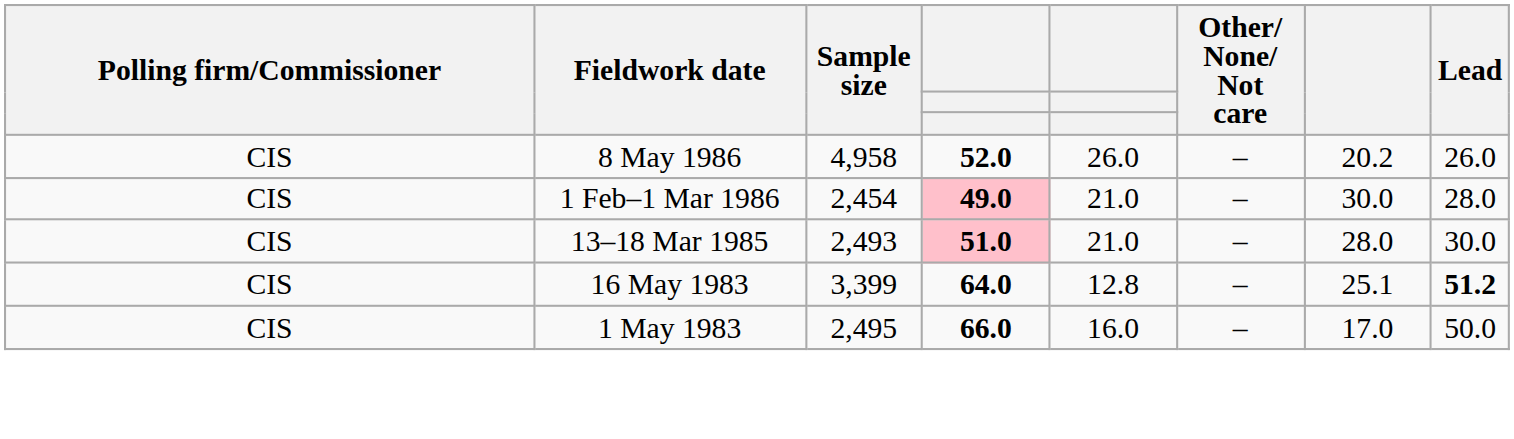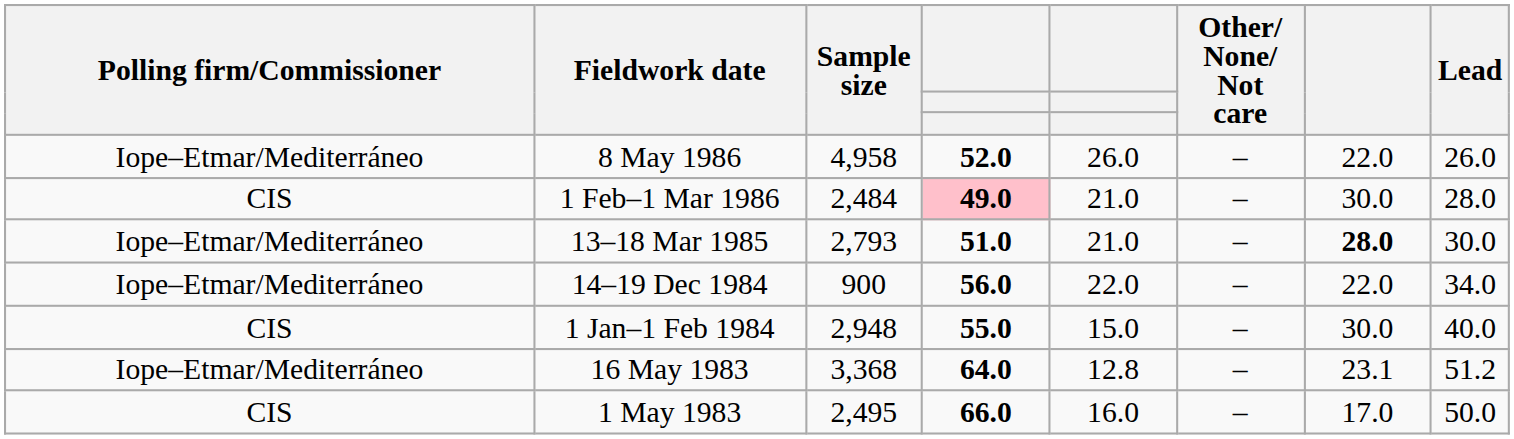 <table class="wikitable collapsible collapsed" style="text-align:center; font-size:90%; line-height:14px;">
 <tr style="height:42px;">
 <th style="width:250px;" rowspan="3">Polling firm/Commissioner</th>
 <th style="width:125px;" rowspan="3">Fieldwork date</th>
 <th style="width:50px;" rowspan="3">Sample size</th>
 <th style="width:55px;"></th>
 <th style="width:55px;"></th>
 <th style="width:55px;" rowspan="3">Other/<br>None/<br>Not<br>care</th>
 <th style="width:55px;" rowspan="3"></th>
 <th style="width:30px;" rowspan="3">Lead</th>
 </tr>
 <tr>
 <th style="color:inherit;background:"></th>
 <th style="color:inherit;background:"></th>
 </tr>
 <tr>
 <th></th>
 <th></th>
 </tr>
 <tr>
-<td>CIS</td>
+<td>Iope–Etmar/Mediterráneo</td>
 <td>8 May 1986</td>
 <td>4,958</td>
 <td><strong>52.0</strong></td>
 <td>26.0</td>
 <td>–</td>
-<td>20.2</td>
+<td>22.0</td>
 <td style="background:">26.0</td>
 </tr>
 <tr>
 <td>CIS</td>
 <td>1 Feb–1 Mar 1986</td>
-<td>2,454</td>
+<td>2,484</td>
 <td style="background: pink;"><strong>49.0</strong></td>
 <td>21.0</td>
 <td>–</td>
 <td>30.0</td>
 <td style="background:">28.0</td>
 </tr>
 <tr>
-<td>CIS</td>
+<td>Iope–Etmar/Mediterráneo</td>
 <td>13–18 Mar 1985</td>
-<td>2,493</td>
-<td style="background: pink;"><strong>51.0</strong></td>
+<td>2,793</td>
+<td><strong>51.0</strong></td>
 <td>21.0</td>
 <td>–</td>
-<td>28.0</td>
+<td><strong>28.0</strong></td>
 <td style="background:">30.0</td>
 </tr>
 <tr>
+<td>Iope–Etmar/Mediterráneo</td>
+<td>14–19 Dec 1984</td>
+<td>900</td>
+<td><strong>56.0</strong></td>
+<td>22.0</td>
+<td>–</td>
+<td>22.0</td>
+<td style="background:">34.0</td>
+</tr>
+<tr>
 <td>CIS</td>
+<td>1 Jan–1 Feb 1984</td>
+<td>2,948</td>
+<td><strong>55.0</strong></td>
+<td>15.0</td>
+<td>–</td>
+<td>30.0</td>
+<td style="background:">40.0</td>
+</tr>
+<tr>
+<td>Iope–Etmar/Mediterráneo</td>
 <td>16 May 1983</td>
-<td>3,399</td>
+<td>3,368</td>
 <td><strong>64.0</strong></td>
 <td>12.8</td>
 <td>–</td>
-<td>25.1</td>
-<td style="background:"><strong>51.2</strong></td>
+<td>23.1</td>
+<td style="background:">51.2</td>
 </tr>
 <tr>
 <td>CIS</td>
 <td>1 May 1983</td>
 <td>2,495</td>
 <td><strong>66.0</strong></td>
 <td>16.0</td>
 <td>–</td>
 <td>17.0</td>
 <td style="background:">50.0</td>
 </tr>
 </table>
